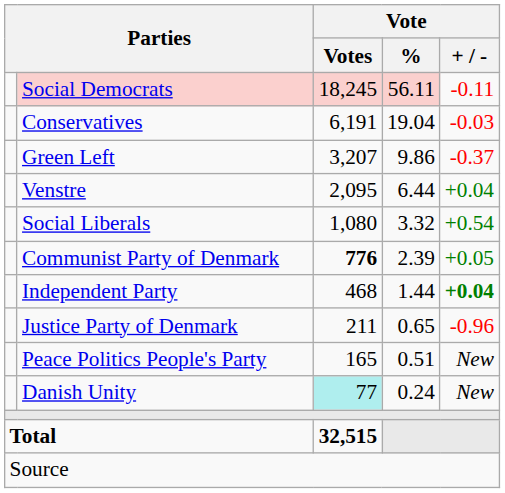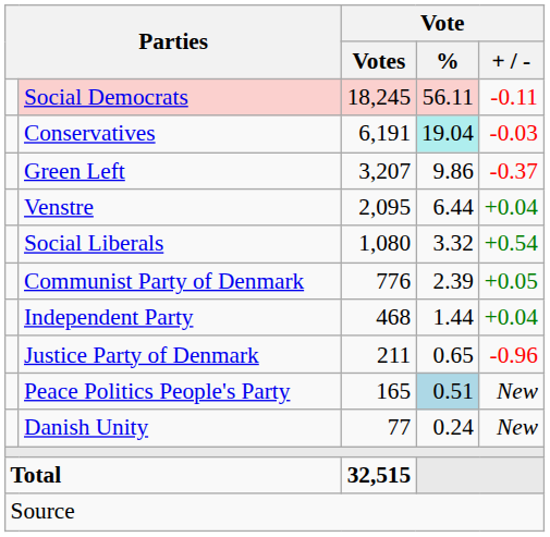 <table class="wikitable" style="text-align:right;">
 <tr>
 <th style="text-align:centre;" rowspan="2" colspan="2" width="225">Parties</th>
 <th colspan="3">Vote</th>
 </tr>
 <tr>
 <th width="15">Votes</th>
 <th width="15">%</th>
 <th width="15">+ / -</th>
 </tr>
 <tr>
 <td width="2" style="color:inherit;background:"></td>
 <td bgcolor=#fbd0ce  align="left"><a href='#'>Social Democrats</a></td>
 <td bgcolor=#fbd0ce>18,245</td>
 <td bgcolor="#fbd0ce">56.11</td>
 <td style="color:red;">-0.11</td>
 </tr>
 <tr>
 <td width="2" style="color:inherit;background:"></td>
 <td align="left"><a href='#'>Conservatives</a></td>
 <td>6,191</td>
-<td>19.04</td>
+<td style="background: paleturquoise;">19.04</td>
 <td style="color:red;">-0.03</td>
 </tr>
 <tr>
 <td width="2"></td>
 <td align="left"><a href='#'>Green Left</a></td>
 <td>3,207</td>
 <td>9.86</td>
 <td style="color:red;">-0.37</td>
 </tr>
 <tr>
 <td width="2"></td>
 <td align="left"><a href='#'>Venstre</a></td>
 <td>2,095</td>
 <td>6.44</td>
 <td style="color:green;">+0.04</td>
 </tr>
 <tr>
 <td width="2" style="color:inherit;background:"></td>
 <td align="left"><a href='#'>Social Liberals</a></td>
 <td>1,080</td>
 <td>3.32</td>
 <td style="color:green;">+0.54</td>
 </tr>
 <tr>
 <td width="2"></td>
 <td align="left"><a href='#'>Communist Party of Denmark</a></td>
-<td><strong>776</strong></td>
+<td>776</td>
 <td>2.39</td>
 <td style="color:green;">+0.05</td>
 </tr>
 <tr>
 <td width="2"></td>
 <td align="left"><a href='#'>Independent Party</a></td>
 <td>468</td>
 <td>1.44</td>
-<td style="color:green;"><strong>+0.04</strong></td>
+<td style="color:green;">+0.04</td>
 </tr>
 <tr>
 <td width="2" style="color:inherit;background:"></td>
 <td align="left"><a href='#'>Justice Party of Denmark</a></td>
 <td>211</td>
 <td>0.65</td>
 <td style="color:red;">-0.96</td>
 </tr>
 <tr>
 <td width="2" style="color:inherit;background:"></td>
 <td align="left"><a href='#'>Peace Politics People's Party</a></td>
 <td>165</td>
-<td>0.51</td>
+<td style="background: lightblue;">0.51</td>
 <td><em>New</em></td>
 </tr>
 <tr>
 <td width="2" style="color:inherit;background:"></td>
 <td align="left"><a href='#'>Danish Unity</a></td>
-<td style="background: paleturquoise;">77</td>
+<td>77</td>
 <td>0.24</td>
 <td><em>New</em></td>
 </tr>
 <tr>
 <td colspan="7" bgcolor="#E9E9E9"></td>
 </tr>
 <tr>
 <td align="left" colspan="2"><strong>Total</strong></td>
 <td><strong>32,515</strong></td>
 <td bgcolor="#E9E9E9" colspan="2"></td>
 </tr>
 <tr>
 <td align="left" colspan="6">Source</td>
 </tr>
 </table>
